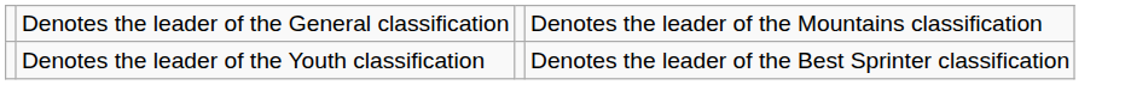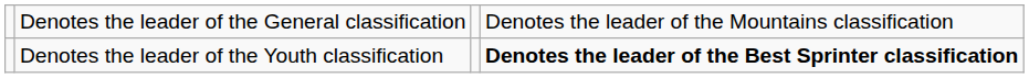 <table class="wikitable">
 <tr>
 <td></td>
 <td>Denotes the leader of the General classification</td>
 <td></td>
 <td>Denotes the leader of the Mountains classification</td>
 </tr>
 <tr>
 <td></td>
 <td>Denotes the leader of the Youth classification</td>
 <td></td>
-<td>Denotes the leader of the Best Sprinter classification</td>
+<td><strong>Denotes the leader of the Best Sprinter classification</strong></td>
 </tr>
 </table>
